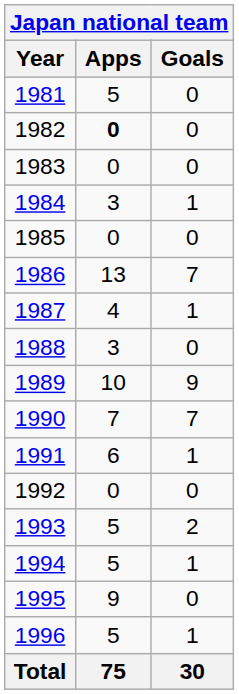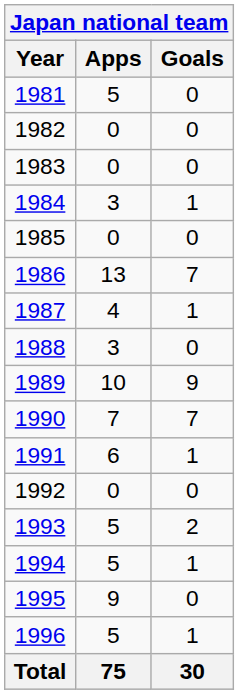 <table class="wikitable" style="text-align:center">
 <tr>
 <th colspan=3><a href='#'>Japan national team</a></th>
 </tr>
 <tr>
 <th>Year</th>
 <th>Apps</th>
 <th>Goals</th>
 </tr>
 <tr>
 <td><a href='#'>1981</a></td>
 <td>5</td>
 <td>0</td>
 </tr>
 <tr>
 <td>1982</td>
-<td><strong>0</strong></td>
+<td>0</td>
 <td>0</td>
 </tr>
 <tr>
 <td>1983</td>
 <td>0</td>
 <td>0</td>
 </tr>
 <tr>
 <td><a href='#'>1984</a></td>
 <td>3</td>
 <td>1</td>
 </tr>
 <tr>
 <td>1985</td>
 <td>0</td>
 <td>0</td>
 </tr>
 <tr>
 <td><a href='#'>1986</a></td>
 <td>13</td>
 <td>7</td>
 </tr>
 <tr>
 <td><a href='#'>1987</a></td>
 <td>4</td>
 <td>1</td>
 </tr>
 <tr>
 <td><a href='#'>1988</a></td>
 <td>3</td>
 <td>0</td>
 </tr>
 <tr>
 <td><a href='#'>1989</a></td>
 <td>10</td>
 <td>9</td>
 </tr>
 <tr>
 <td><a href='#'>1990</a></td>
 <td>7</td>
 <td>7</td>
 </tr>
 <tr>
 <td><a href='#'>1991</a></td>
 <td>6</td>
 <td>1</td>
 </tr>
 <tr>
 <td>1992</td>
 <td>0</td>
 <td>0</td>
 </tr>
 <tr>
 <td><a href='#'>1993</a></td>
 <td>5</td>
 <td>2</td>
 </tr>
 <tr>
 <td><a href='#'>1994</a></td>
 <td>5</td>
 <td>1</td>
 </tr>
 <tr>
 <td><a href='#'>1995</a></td>
 <td>9</td>
 <td>0</td>
 </tr>
 <tr>
 <td><a href='#'>1996</a></td>
 <td>5</td>
 <td>1</td>
 </tr>
 <tr>
 <th>Total</th>
 <th>75</th>
 <th>30</th>
 </tr>
 </table>
